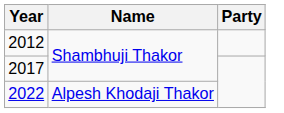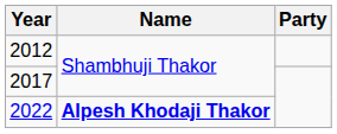 <table class="wikitable sortable">
 <tr>
 <th>Year</th>
 <th>Name</th>
 <th colspan=2>Party</th>
 </tr>
 <tr>
 <td>2012</td>
 <td rowspan=2><a href='#'>Shambhuji Thakor</a></td>
 <td></td>
 </tr>
 <tr>
 <td>2017</td>
 </tr>
 <tr>
 <td><a href='#'>2022</a></td>
-<td><a href='#'>Alpesh Khodaji Thakor</a></td>
+<td><strong><a href='#'>Alpesh Khodaji Thakor</a></strong></td>
 </tr>
 </table>
